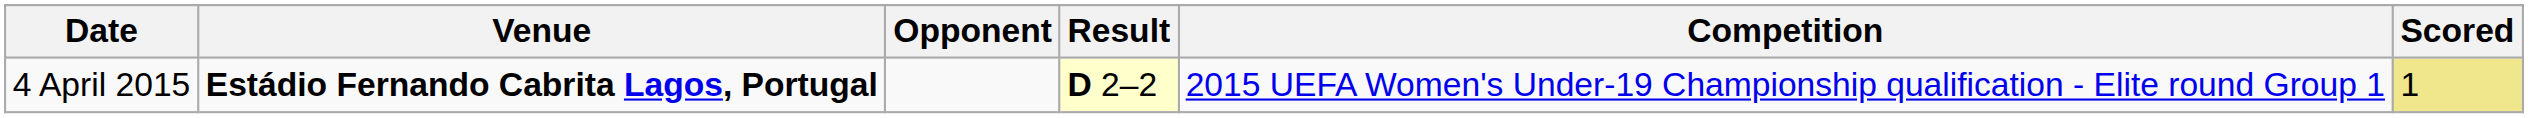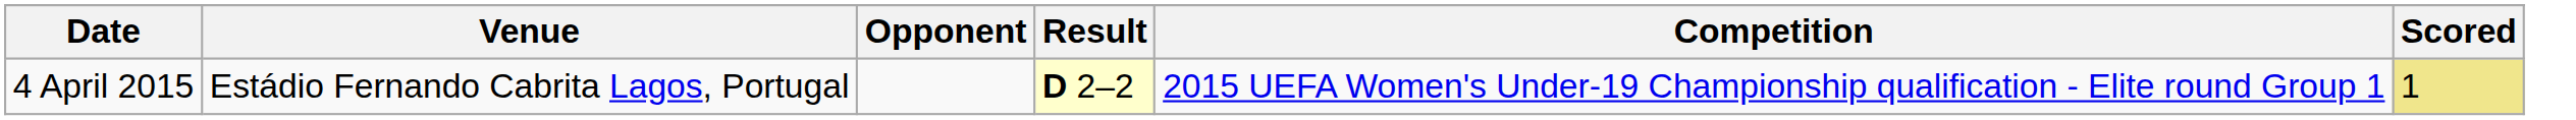 <table class=wikitable>
 <tr>
 </tr>
 <tr>
 <th>Date</th>
 <th>Venue</th>
 <th>Opponent</th>
 <th>Result</th>
 <th>Competition</th>
 <th>Scored</th>
 </tr>
 <tr>
 <td>4 April 2015</td>
-<td><strong>Estádio Fernando Cabrita <a href='#'>Lagos</a>, Portugal</strong></td>
+<td>Estádio Fernando Cabrita <a href='#'>Lagos</a>, Portugal</td>
 <td></td>
 <td bgcolor=ffffcc><strong>D</strong> 2–2</td>
 <td><a href='#'>2015 UEFA Women's Under-19 Championship qualification - Elite round Group 1</a></td>
 <td style="background: khaki;">1</td>
 </tr>
 </table>
